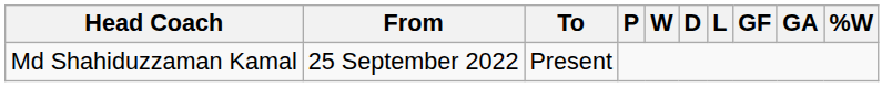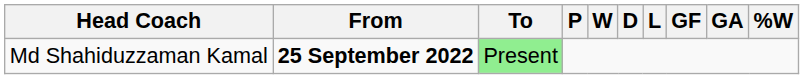 <table class="wikitable sortable" style="text-align:center">
 <tr>
 <th>Head Coach</th>
 <th Class="unsortable">From</th>
 <th Class="unsortable">To</th>
 <th abbr="3">P</th>
 <th abbr="1">W</th>
 <th abbr="1">D</th>
 <th abbr="1">L</th>
 <th abbr="4">GF</th>
 <th abbr="6">GA</th>
 <th abbr="50">%W</th>
 </tr>
 <tr>
 <td align=left> Md Shahiduzzaman Kamal</td>
-<td align=left>25 September 2022</td>
-<td align=left>Present<br></td>
+<td align=left><strong>25 September 2022</strong></td>
+<td align=left style="background: lightgreen;">Present<br></td>
 </tr>
 </table>
